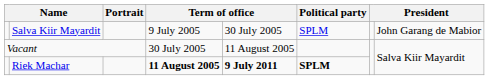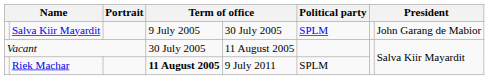 <table class="wikitable">
 <tr>
 <th colspan=2>Name</th>
 <th>Portrait</th>
 <th colspan=2>Term of office</th>
 <th>Political party</th>
 <th colspan=2>President</th>
 </tr>
 <tr>
 <td style="background-color: "></td>
 <td><a href='#'>Salva Kiir Mayardit</a></td>
 <td></td>
 <td>9 July 2005</td>
 <td>30 July 2005</td>
 <td><a href='#'>SPLM</a></td>
 <td style="background-color: "></td>
 <td>John Garang de Mabior</td>
 </tr>
 <tr>
 <td colspan=3><em>Vacant</em></td>
 <td>30 July 2005</td>
 <td>11 August 2005</td>
 <td></td>
 <td rowspan=2 style="background-color: "></td>
 <td rowspan=2>Salva Kiir Mayardit</td>
 </tr>
 <tr>
 <td style="background-color: "></td>
 <td><a href='#'>Riek Machar</a></td>
 <td></td>
 <td><strong>11 August 2005</strong></td>
-<td><strong>9 July 2011</strong></td>
-<td><strong>SPLM</strong></td>
+<td>9 July 2011</td>
+<td>SPLM</td>
 </tr>
 </table>
